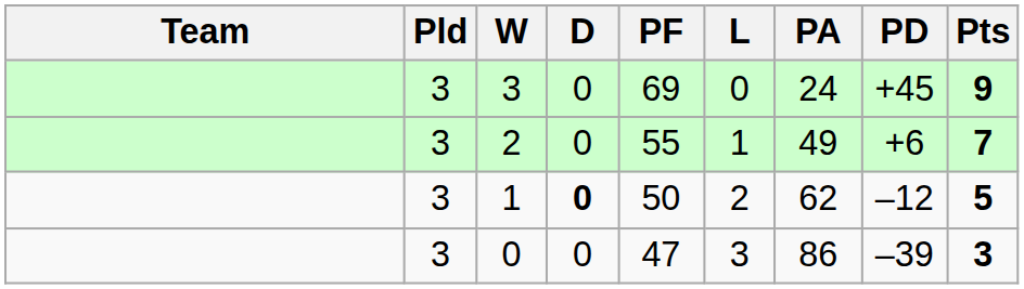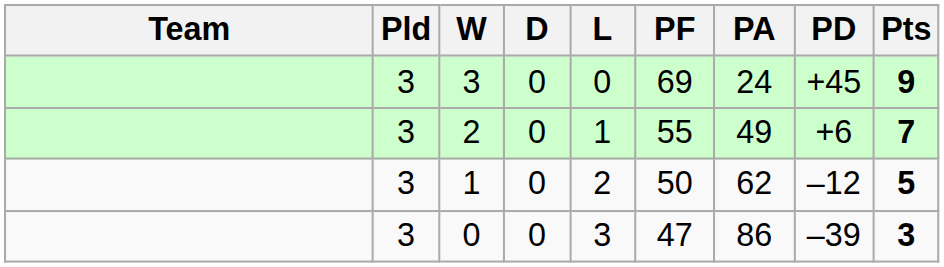 <table class="wikitable" style="text-align:center;">
 <tr>
 <th width=175>Team</th>
 <th width=25 abbr="Played">Pld</th>
 <th width=25 abbr="Won">W</th>
 <th width=25 abbr="Drawn">D</th>
+<th width=25 abbr="Lost">L</th>
 <th width=32 abbr="Points for">PF</th>
-<th width=25 abbr="Lost">L</th>
 <th width=32 abbr="Points against">PA</th>
 <th width=32 abbr="Points difference">PD</th>
 <th width=25 abbr="Points">Pts</th>
 </tr>
 <tr bgcolor=ccffcc>
 <td align=left></td>
 <td>3</td>
 <td>3</td>
 <td>0</td>
+<td>0</td>
 <td>69</td>
-<td>0</td>
 <td>24</td>
 <td>+45</td>
 <td><strong>9</strong></td>
 </tr>
 <tr bgcolor=ccffcc>
 <td align=left></td>
 <td>3</td>
 <td>2</td>
 <td>0</td>
+<td>1</td>
 <td>55</td>
-<td>1</td>
 <td>49</td>
 <td>+6</td>
 <td><strong>7</strong></td>
 </tr>
 <tr>
 <td align=left></td>
 <td>3</td>
 <td>1</td>
-<td><strong>0</strong></td>
+<td>0</td>
+<td>2</td>
 <td>50</td>
-<td>2</td>
 <td>62</td>
 <td>–12</td>
 <td><strong>5</strong></td>
 </tr>
 <tr>
 <td align=left></td>
 <td>3</td>
 <td>0</td>
 <td>0</td>
+<td>3</td>
 <td>47</td>
-<td>3</td>
 <td>86</td>
 <td>–39</td>
 <td><strong>3</strong></td>
 </tr>
 </table>
